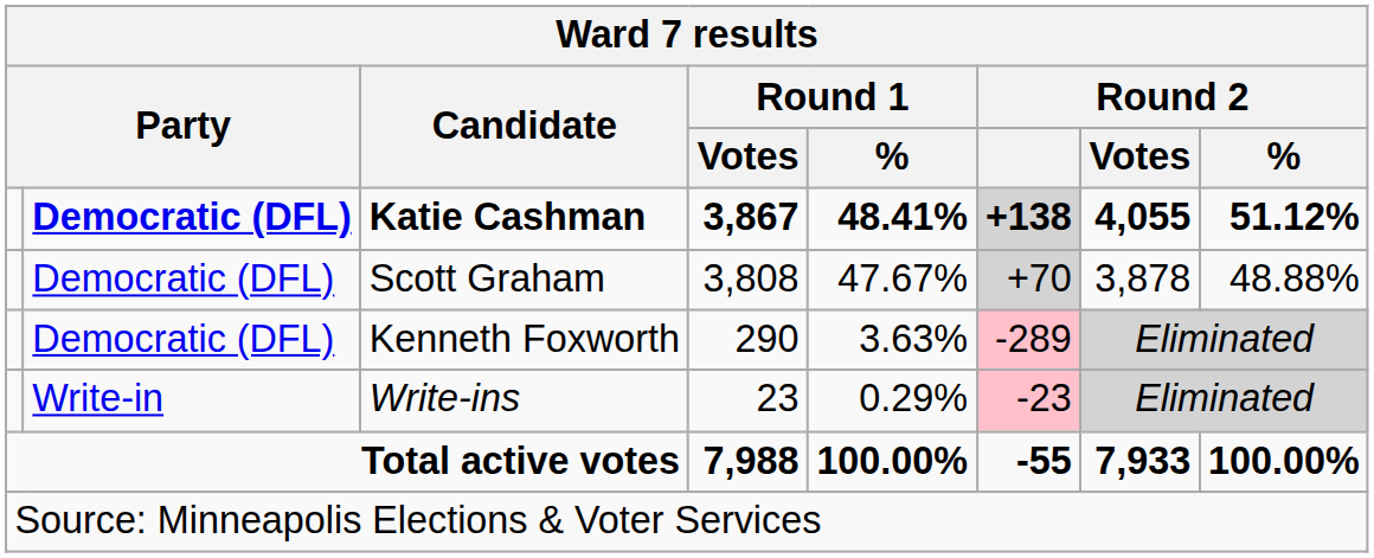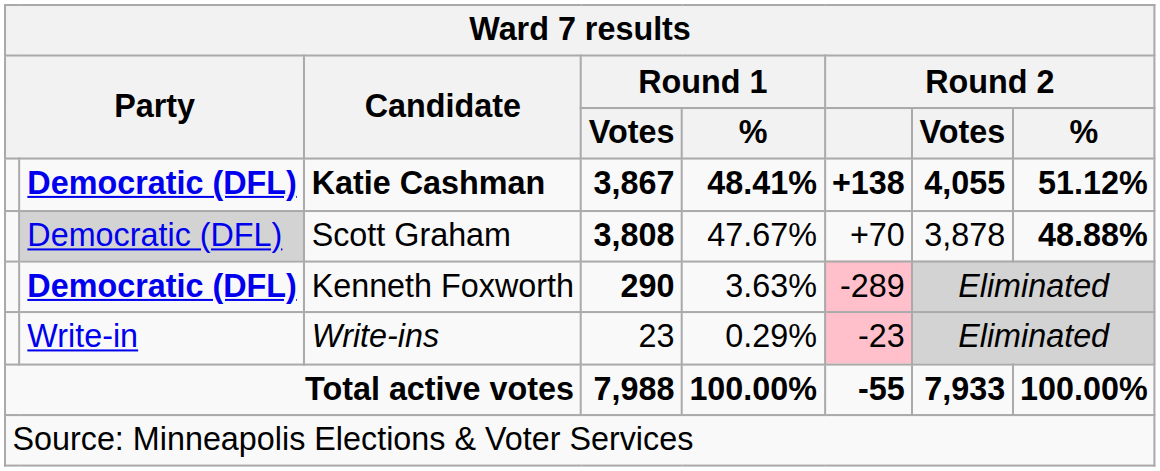 <table class="wikitable">
 <tr>
 <th colspan="8">Ward 7 results</th>
 </tr>
 <tr>
 <th rowspan="2" colspan="2">Party</th>
 <th rowspan="2">Candidate</th>
 <th colspan="2">Round 1</th>
 <th colspan="3">Round 2</th>
 </tr>
 <tr>
 <th>Votes</th>
 <th>%</th>
 <th></th>
 <th>Votes</th>
 <th>%</th>
 </tr>
 <tr>
 <td style="background-color:"></td>
 <td><strong><a href='#'>Democratic (DFL)</a></strong></td>
 <td><strong>Katie Cashman</strong></td>
 <td align="right"><strong>3,867</strong></td>
 <td align="right"><strong>48.41%</strong></td>
-<td align="right" style="background: lightgrey;"><strong>+138</strong></td>
+<td align="right"><strong>+138</strong></td>
 <td align="right"><strong>4,055</strong></td>
 <td align="right"><strong>51.12%</strong></td>
 </tr>
 <tr>
 <td style="background-color:"></td>
-<td><a href='#'>Democratic (DFL)</a></td>
+<td style="background: lightgrey;"><a href='#'>Democratic (DFL)</a></td>
 <td>Scott Graham</td>
-<td align="right">3,808</td>
+<td align="right"><strong>3,808</strong></td>
 <td align="right">47.67%</td>
-<td align="right" style="background: lightgrey;">+70</td>
+<td align="right">+70</td>
 <td align="right">3,878</td>
-<td align="right">48.88%</td>
+<td align="right"><strong>48.88%</strong></td>
 </tr>
 <tr>
 <td style="background-color:"></td>
-<td><a href='#'>Democratic (DFL)</a></td>
+<td><strong><a href='#'>Democratic (DFL)</a></strong></td>
 <td>Kenneth Foxworth</td>
-<td align="right">290</td>
+<td align="right"><strong>290</strong></td>
 <td align="right">3.63%</td>
 <td BGCOLOR=pink align="right">-289</td>
 <td colspan=2 bgcolor=lightgray align=center><em>Eliminated</em></td>
 </tr>
 <tr>
 <td style="background-color:"></td>
 <td><a href='#'>Write-in</a></td>
 <td><em>Write-ins</em></td>
 <td align="right">23</td>
 <td align="right">0.29%</td>
 <td BGCOLOR=pink align="right">-23</td>
 <td colspan=2 bgcolor=lightgray align=center><em>Eliminated</em></td>
 </tr>
 <tr align="right">
 <td colspan="3"><strong>Total active votes</strong></td>
 <td><strong>7,988</strong></td>
 <td><strong>100.00%</strong></td>
 <td><strong>-55</strong></td>
 <td><strong>7,933</strong></td>
 <td><strong>100.00%</strong></td>
 </tr>
 <tr>
 <td colspan="8">Source: Minneapolis Elections & Voter Services</td>
 </tr>
 </table>
